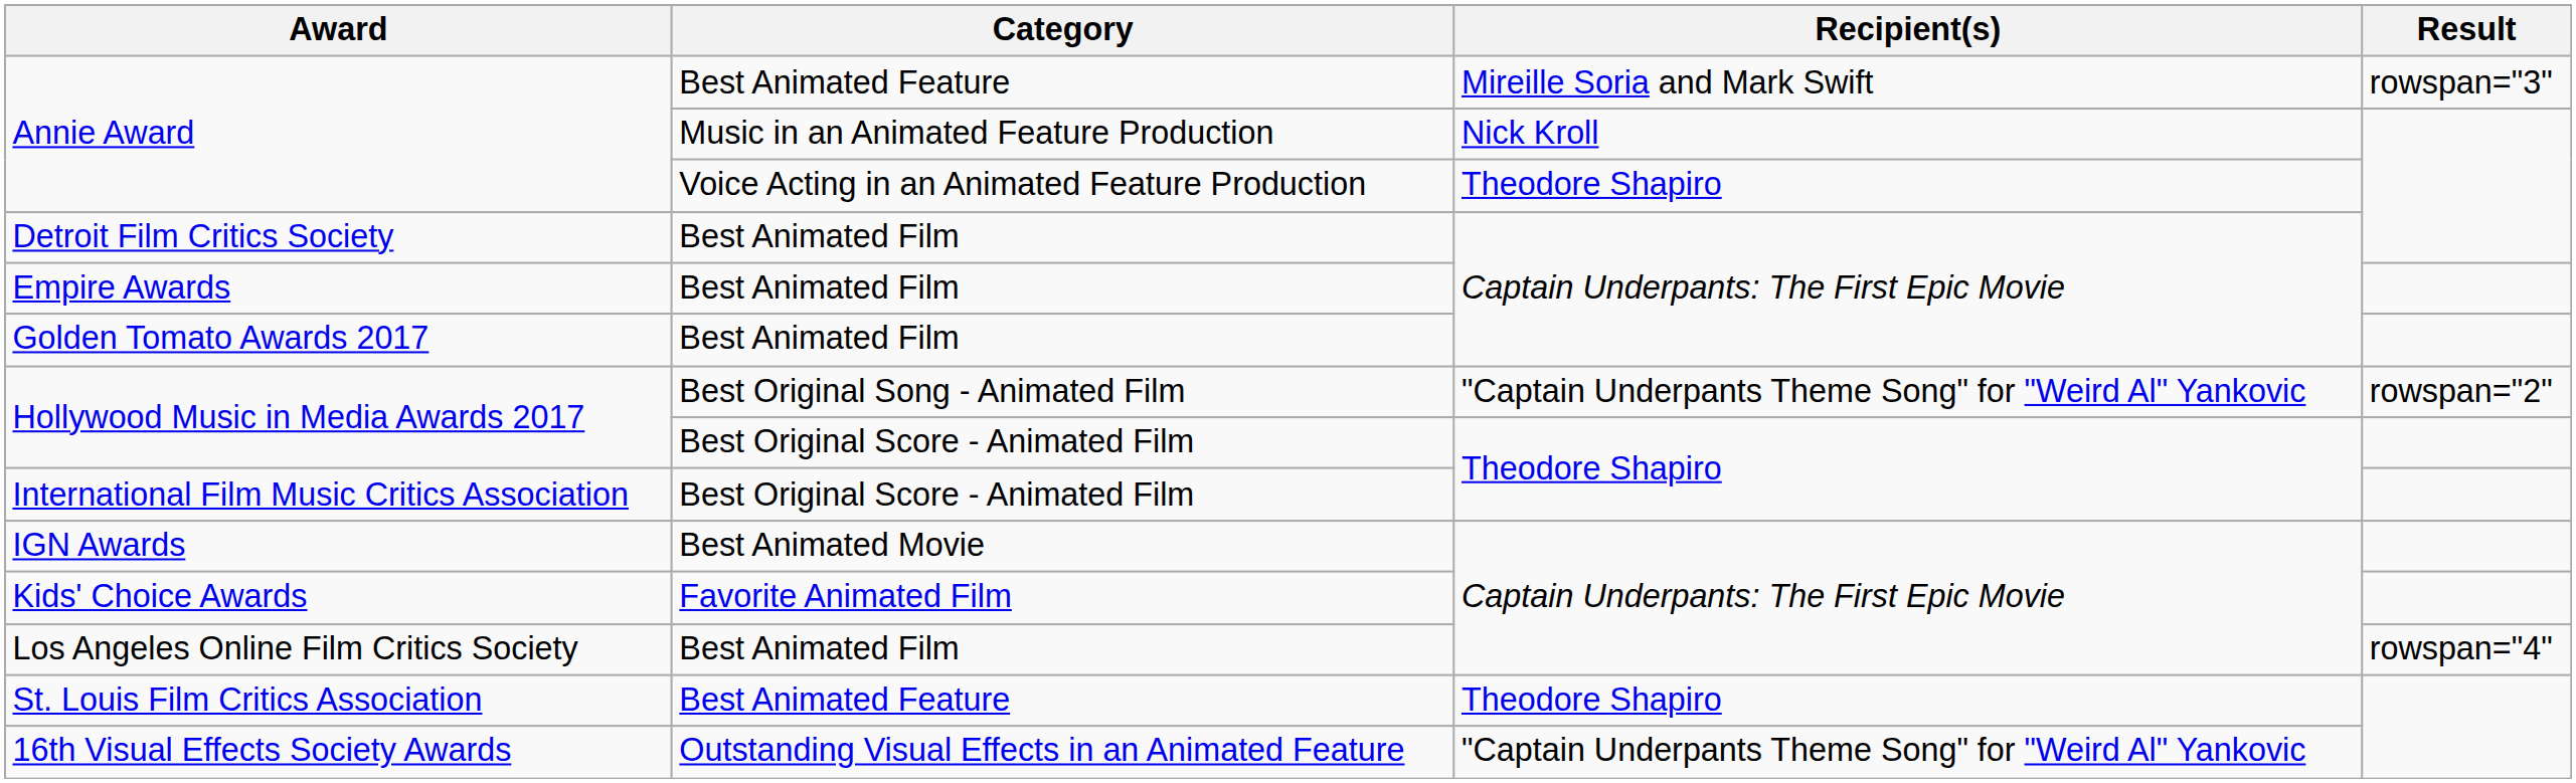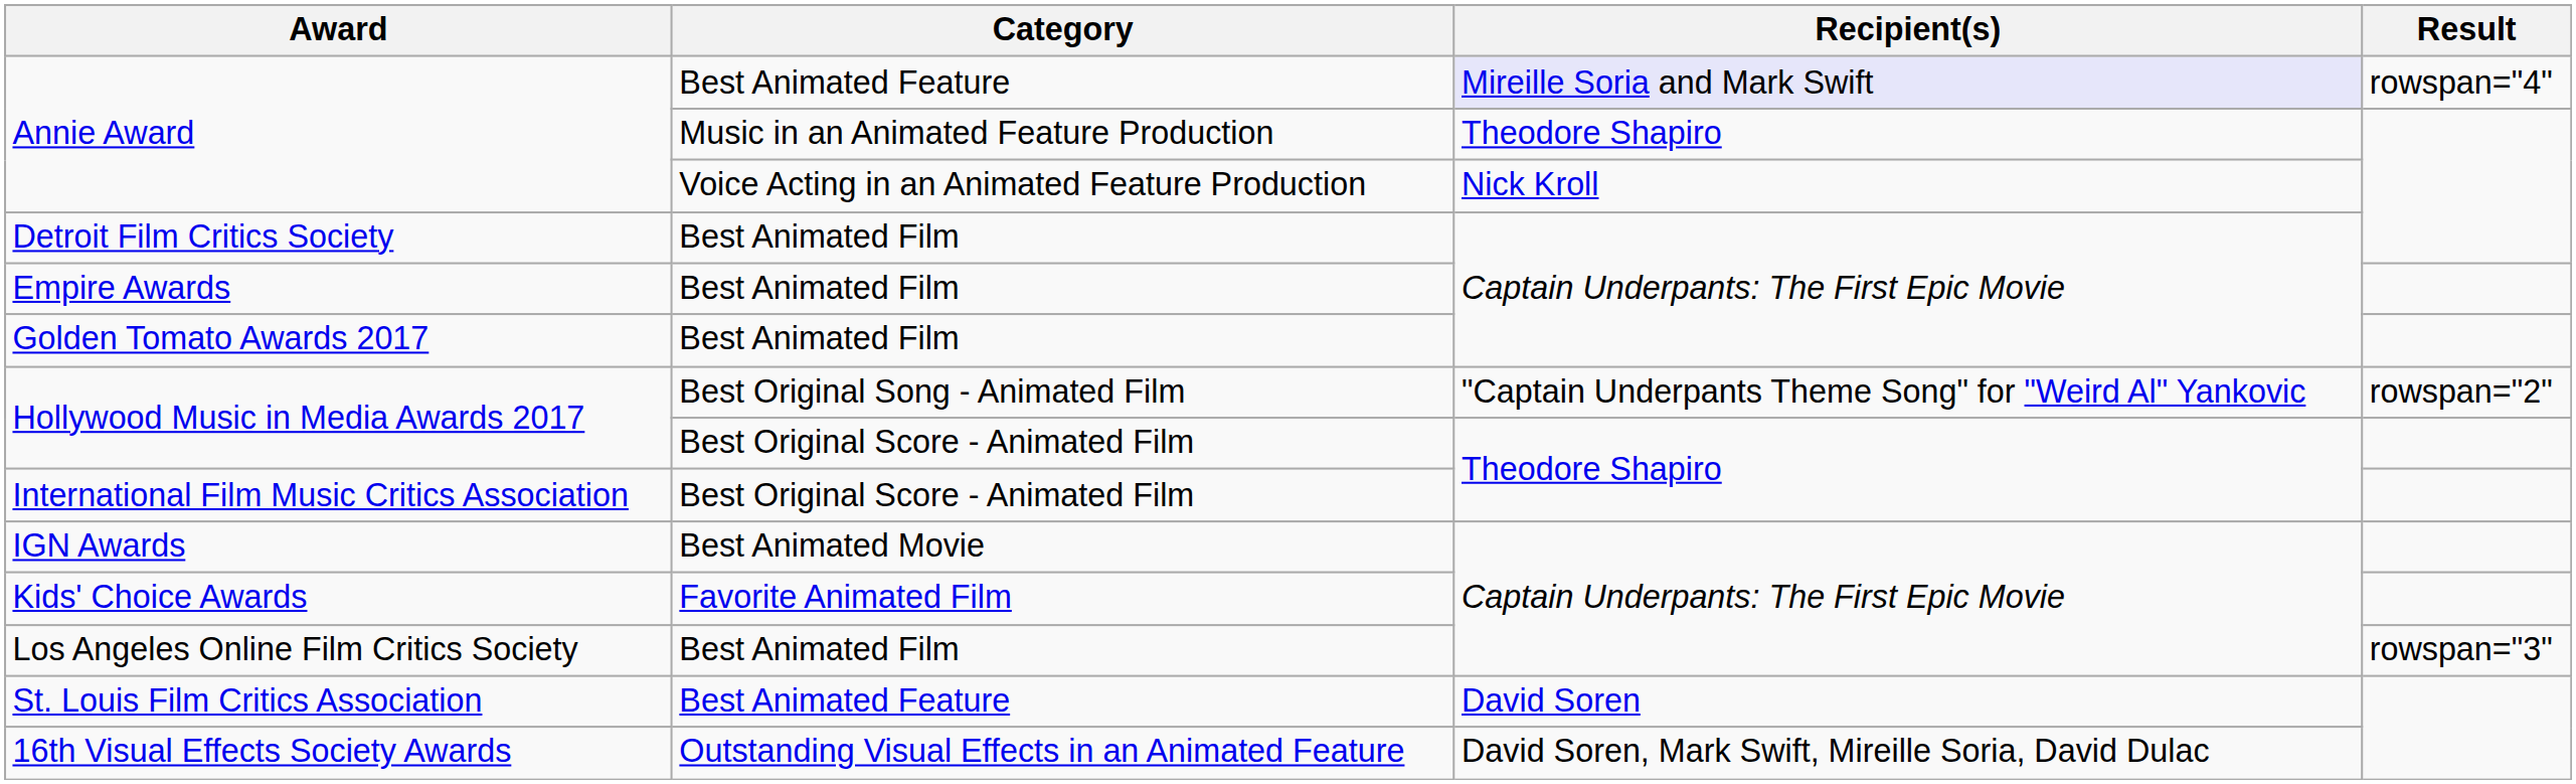 <table class="wikitable" style="width:100%;">
 <tr>
 <th>Award</th>
 <th>Category</th>
 <th>Recipient(s)</th>
 <th>Result</th>
 </tr>
 <tr>
 <td rowspan=3><a href='#'>Annie Award</a></td>
 <td>Best Animated Feature</td>
-<td><a href='#'>Mireille Soria</a> and Mark Swift</td>
-<td>rowspan="3" </td>
+<td style="background: lavender;"><a href='#'>Mireille Soria</a> and Mark Swift</td>
+<td>rowspan="4" </td>
 </tr>
 <tr>
 <td>Music in an Animated Feature Production</td>
-<td><a href='#'>Nick Kroll</a></td>
+<td><a href='#'>Theodore Shapiro</a></td>
 </tr>
 <tr>
 <td>Voice Acting in an Animated Feature Production</td>
-<td><a href='#'>Theodore Shapiro</a></td>
+<td><a href='#'>Nick Kroll</a></td>
 </tr>
 <tr>
 <td><a href='#'>Detroit Film Critics Society</a></td>
 <td>Best Animated Film</td>
 <td rowspan="3"><em>Captain Underpants: The First Epic Movie</em></td>
 </tr>
 <tr>
 <td><a href='#'>Empire Awards</a><br></td>
 <td>Best Animated Film</td>
 <td></td>
 </tr>
 <tr>
 <td><a href='#'>Golden Tomato Awards 2017</a></td>
 <td>Best Animated Film</td>
 <td></td>
 </tr>
 <tr>
 <td rowspan="2"><a href='#'>Hollywood Music in Media Awards 2017</a></td>
 <td>Best Original Song - Animated Film</td>
 <td>"Captain Underpants Theme Song" for <a href='#'>"Weird Al" Yankovic</a></td>
 <td>rowspan="2" </td>
 </tr>
 <tr>
 <td>Best Original Score - Animated Film</td>
 <td rowspan="2"><a href='#'>Theodore Shapiro</a></td>
 </tr>
 <tr>
 <td><a href='#'>International Film Music Critics Association</a></td>
 <td>Best Original Score - Animated Film</td>
 <td></td>
 </tr>
 <tr>
 <td><a href='#'>IGN Awards</a></td>
 <td>Best Animated Movie</td>
 <td rowspan="3"><em>Captain Underpants: The First Epic Movie</em></td>
 <td></td>
 </tr>
 <tr>
 <td><a href='#'>Kids' Choice Awards</a></td>
 <td><a href='#'>Favorite Animated Film</a></td>
 <td></td>
 </tr>
 <tr>
 <td>Los Angeles Online Film Critics Society</td>
 <td>Best Animated Film</td>
-<td>rowspan="4" </td>
+<td>rowspan="3" </td>
 </tr>
 <tr>
 <td><a href='#'>St. Louis Film Critics Association</a></td>
 <td><a href='#'>Best Animated Feature</a></td>
-<td><a href='#'>Theodore Shapiro</a></td>
+<td><a href='#'>David Soren</a></td>
 </tr>
 <tr>
 <td><a href='#'>16th Visual Effects Society Awards</a></td>
 <td><a href='#'>Outstanding Visual Effects in an Animated Feature</a></td>
-<td>"Captain Underpants Theme Song" for <a href='#'>"Weird Al" Yankovic</a></td>
+<td>David Soren, Mark Swift, Mireille Soria, David Dulac</td>
 </tr>
 </table>
